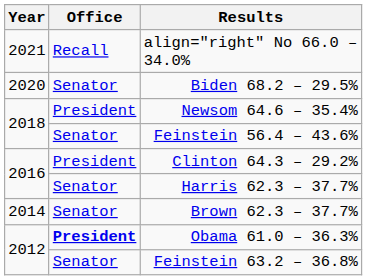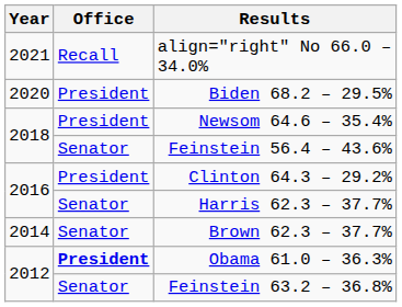 <table class=wikitable>
 <tr>
 <th width="30">Year</th>
 <th width="60">Office</th>
 <th width="180">Results</th>
 </tr>
 <tr>
 <td>2021</td>
 <td><a href='#'>Recall</a></td>
 <td>align="right"  No 66.0 – 34.0%</td>
 </tr>
 <tr>
 <td>2020</td>
-<td><a href='#'>Senator</a></td>
+<td><a href='#'>President</a></td>
 <td align="right" ><a href='#'>Biden</a> 68.2 – 29.5%</td>
 </tr>
 <tr>
 <td rowspan="2">2018</td>
 <td><a href='#'>President</a></td>
 <td align="right" ><a href='#'>Newsom</a> 64.6 – 35.4%</td>
 </tr>
 <tr>
 <td><a href='#'>Senator</a></td>
 <td align="right" ><a href='#'>Feinstein</a> 56.4 – 43.6%</td>
 </tr>
 <tr>
 <td rowspan="2">2016</td>
 <td><a href='#'>President</a></td>
 <td align="right" ><a href='#'>Clinton</a> 64.3 – 29.2%</td>
 </tr>
 <tr>
 <td><a href='#'>Senator</a></td>
 <td align="right" ><a href='#'>Harris</a> 62.3 – 37.7%</td>
 </tr>
 <tr>
 <td>2014</td>
 <td><a href='#'>Senator</a></td>
 <td align="right" ><a href='#'>Brown</a> 62.3 – 37.7%</td>
 </tr>
 <tr>
 <td rowspan="2">2012</td>
 <td><strong><a href='#'>President</a></strong></td>
 <td align="right" ><a href='#'>Obama</a> 61.0 – 36.3%</td>
 </tr>
 <tr>
 <td><a href='#'>Senator</a></td>
 <td align="right" ><a href='#'>Feinstein</a> 63.2 – 36.8%</td>
 </tr>
 </table>
